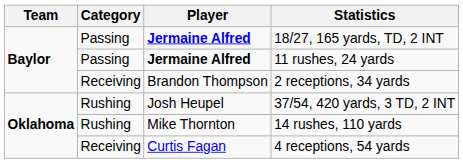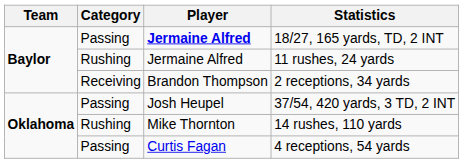 <table class="wikitable" style="float: left;">
 <tr>
 <th>Team</th>
 <th>Category</th>
 <th>Player</th>
 <th>Statistics</th>
 </tr>
 <tr>
 <td rowspan=3><strong>Baylor</strong></td>
 <td>Passing</td>
 <td><strong><a href='#'>Jermaine Alfred</a></strong></td>
 <td>18/27, 165 yards, TD, 2 INT</td>
 </tr>
 <tr>
-<td>Passing</td>
-<td><strong>Jermaine Alfred</strong></td>
+<td>Rushing</td>
+<td>Jermaine Alfred</td>
 <td>11 rushes, 24 yards</td>
 </tr>
 <tr>
 <td>Receiving</td>
 <td>Brandon Thompson</td>
 <td>2 receptions, 34 yards</td>
 </tr>
 <tr>
 <td rowspan=3><strong>Oklahoma</strong></td>
-<td>Rushing</td>
+<td>Passing</td>
 <td>Josh Heupel</td>
 <td>37/54, 420 yards, 3 TD, 2 INT</td>
 </tr>
 <tr>
 <td>Rushing</td>
 <td>Mike Thornton</td>
 <td>14 rushes, 110 yards</td>
 </tr>
 <tr>
-<td>Receiving</td>
+<td>Passing</td>
 <td><a href='#'>Curtis Fagan</a></td>
 <td>4 receptions, 54 yards</td>
 </tr>
 </table>
